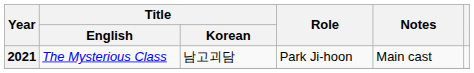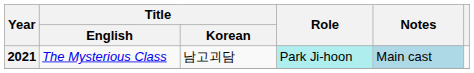 <table class="wikitable sortable plainrowheaders">
 <tr>
 <th scope="col" rowspan="2">Year</th>
 <th scope="col" colspan="2">Title</th>
 <th scope="col" rowspan="2" style="width:7em;">Role</th>
 <th scope="col" rowspan="2" style="width:6.5em;">Notes</th>
 <th scope="col" rowspan="2" class="unsortable"></th>
 </tr>
 <tr>
 <th scope="col" style="width:10.4em;">English</th>
 <th scope="col" style="width:7em;">Korean</th>
 </tr>
 <tr>
 <th scope="row">2021</th>
 <td><em><a href='#'>The Mysterious Class</a></em></td>
 <td>남고괴담</td>
-<td>Park Ji-hoon</td>
-<td>Main cast</td>
+<td style="background: paleturquoise;">Park Ji-hoon</td>
+<td style="background: lightblue;">Main cast</td>
 <td style="text-align:center"></td>
 </tr>
 <tr>
 </tr>
 </table>
